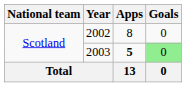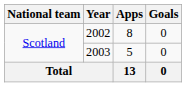 <table class="wikitable" style="text-align:center">
 <tr>
 <th>National team</th>
 <th>Year</th>
 <th>Apps</th>
 <th>Goals</th>
 </tr>
 <tr>
 <td rowspan="2"><a href='#'>Scotland</a></td>
 <td>2002</td>
 <td>8</td>
 <td>0</td>
 </tr>
 <tr>
 <td>2003</td>
-<td><strong>5</strong></td>
-<td style="background: lightgreen;">0</td>
+<td>5</td>
+<td>0</td>
 </tr>
 <tr>
 <th colspan="2">Total</th>
 <th>13</th>
 <th>0</th>
 </tr>
 </table>
